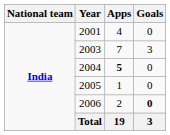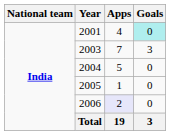 <table class="wikitable" style="font-size:90%; text-align: center;">
 <tr>
 <th>National team</th>
 <th>Year</th>
 <th>Apps</th>
 <th>Goals</th>
 </tr>
 <tr>
 <td rowspan=6><strong><a href='#'>India</a></strong></td>
 <td>2001</td>
 <td>4</td>
-<td>0</td>
+<td style="background: paleturquoise;">0</td>
 </tr>
 <tr>
 <td>2003</td>
 <td>7</td>
 <td>3</td>
 </tr>
 <tr>
 <td>2004</td>
-<td><strong>5</strong></td>
+<td>5</td>
 <td>0</td>
 </tr>
 <tr>
 <td>2005</td>
 <td>1</td>
 <td>0</td>
 </tr>
 <tr>
 <td>2006</td>
-<td>2</td>
-<td><strong>0</strong></td>
+<td style="background: lavender;">2</td>
+<td>0</td>
 </tr>
 <tr>
 <th>Total</th>
 <th>19</th>
 <th>3</th>
 </tr>
 </table>
